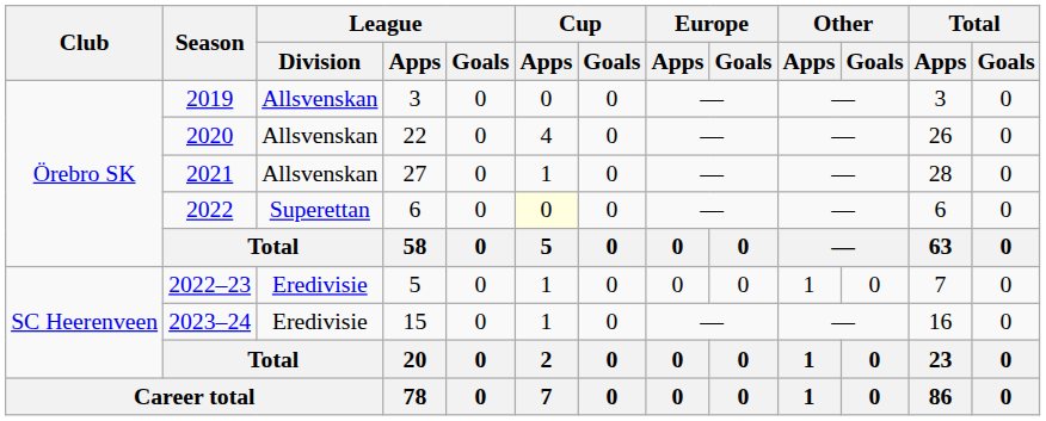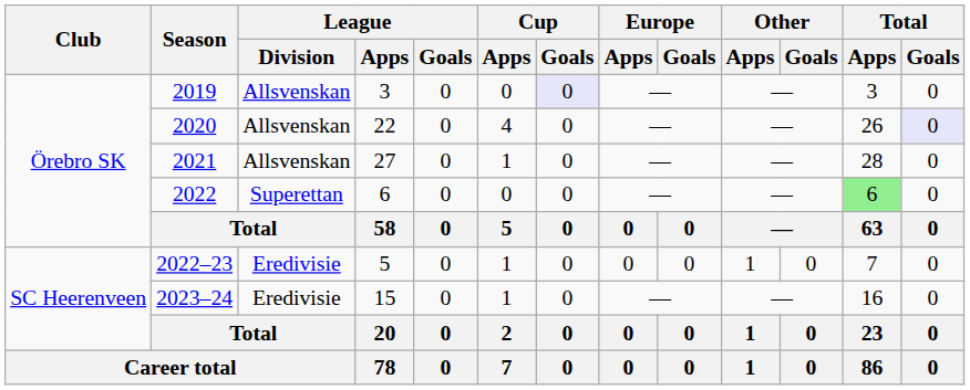 <table class="wikitable" style="text-align: center">
 <tr>
 <th rowspan="2">Club</th>
 <th rowspan="2">Season</th>
 <th colspan="3">League</th>
 <th colspan="2">Cup</th>
 <th colspan="2">Europe</th>
 <th colspan="2">Other</th>
 <th colspan="2">Total</th>
 </tr>
 <tr>
 <th>Division</th>
 <th>Apps</th>
 <th>Goals</th>
 <th>Apps</th>
 <th>Goals</th>
 <th>Apps</th>
 <th>Goals</th>
 <th>Apps</th>
 <th>Goals</th>
 <th>Apps</th>
 <th>Goals</th>
 </tr>
 <tr>
 <td rowspan="5"><a href='#'>Örebro SK</a></td>
 <td><a href='#'>2019</a></td>
 <td><a href='#'>Allsvenskan</a></td>
 <td>3</td>
 <td>0</td>
 <td>0</td>
-<td>0</td>
+<td style="background: lavender;">0</td>
 <td colspan="2">—</td>
 <td colspan="2">—</td>
 <td>3</td>
 <td>0</td>
 </tr>
 <tr>
 <td><a href='#'>2020</a></td>
 <td>Allsvenskan</td>
 <td>22</td>
 <td>0</td>
 <td>4</td>
 <td>0</td>
 <td colspan="2">—</td>
 <td colspan="2">—</td>
 <td>26</td>
-<td>0</td>
+<td style="background: lavender;">0</td>
 </tr>
 <tr>
 <td><a href='#'>2021</a></td>
 <td>Allsvenskan</td>
 <td>27</td>
 <td>0</td>
 <td>1</td>
 <td>0</td>
 <td colspan="2">—</td>
 <td colspan="2">—</td>
 <td>28</td>
 <td>0</td>
 </tr>
 <tr>
 <td><a href='#'>2022</a></td>
 <td><a href='#'>Superettan</a></td>
 <td>6</td>
 <td>0</td>
-<td style="background: lightyellow;">0</td>
+<td>0</td>
 <td>0</td>
 <td colspan="2">—</td>
 <td colspan="2">—</td>
-<td>6</td>
+<td style="background: lightgreen;">6</td>
 <td>0</td>
 </tr>
 <tr>
 <th colspan="2">Total</th>
 <th>58</th>
 <th>0</th>
 <th>5</th>
 <th>0</th>
 <th>0</th>
 <th>0</th>
 <th colspan="2">—</th>
 <th>63</th>
 <th>0</th>
 </tr>
 <tr>
 <td rowspan="3"><a href='#'>SC Heerenveen</a></td>
 <td><a href='#'>2022–23</a></td>
 <td><a href='#'>Eredivisie</a></td>
 <td>5</td>
 <td>0</td>
 <td>1</td>
 <td>0</td>
 <td>0</td>
 <td>0</td>
 <td>1</td>
 <td>0</td>
 <td>7</td>
 <td>0</td>
 </tr>
 <tr>
 <td><a href='#'>2023–24</a></td>
 <td>Eredivisie</td>
 <td>15</td>
 <td>0</td>
 <td>1</td>
 <td>0</td>
 <td colspan="2">—</td>
 <td colspan="2">—</td>
 <td>16</td>
 <td>0</td>
 </tr>
 <tr>
 <th colspan="2">Total</th>
 <th>20</th>
 <th>0</th>
 <th>2</th>
 <th>0</th>
 <th>0</th>
 <th>0</th>
 <th>1</th>
 <th>0</th>
 <th>23</th>
 <th>0</th>
 </tr>
 <tr>
 <th colspan="3">Career total</th>
 <th>78</th>
 <th>0</th>
 <th>7</th>
 <th>0</th>
 <th>0</th>
 <th>0</th>
 <th>1</th>
 <th>0</th>
 <th>86</th>
 <th>0</th>
 </tr>
 </table>
